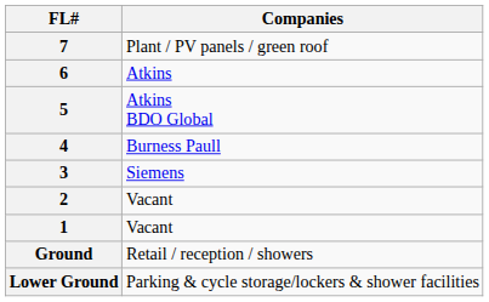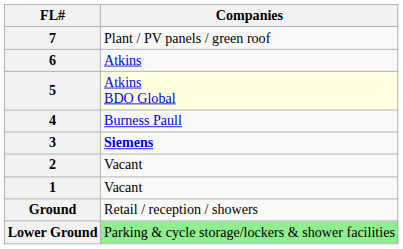 <table class="wikitable">
 <tr>
 <th>FL#</th>
 <th>Companies</th>
 </tr>
 <tr>
 <th>7</th>
 <td>Plant / PV panels / green roof</td>
 </tr>
 <tr>
 <th>6</th>
 <td><a href='#'>Atkins</a></td>
 </tr>
 <tr>
 <th>5</th>
-<td><a href='#'>Atkins</a> <br> <a href='#'>BDO Global</a></td>
+<td style="background: lightyellow;"><a href='#'>Atkins</a> <br> <a href='#'>BDO Global</a></td>
 </tr>
 <tr>
 <th>4</th>
 <td><a href='#'>Burness Paull</a></td>
 </tr>
 <tr>
 <th>3</th>
-<td><a href='#'>Siemens</a></td>
+<td><strong><a href='#'>Siemens</a></strong></td>
 </tr>
 <tr>
 <th>2</th>
 <td>Vacant</td>
 </tr>
 <tr>
 <th>1</th>
 <td>Vacant</td>
 </tr>
 <tr>
 <th>Ground</th>
 <td>Retail / reception / showers</td>
 </tr>
 <tr>
 <th>Lower Ground</th>
-<td>Parking & cycle storage/lockers & shower facilities</td>
+<td style="background: lightgreen;">Parking & cycle storage/lockers & shower facilities</td>
 </tr>
 </table>
